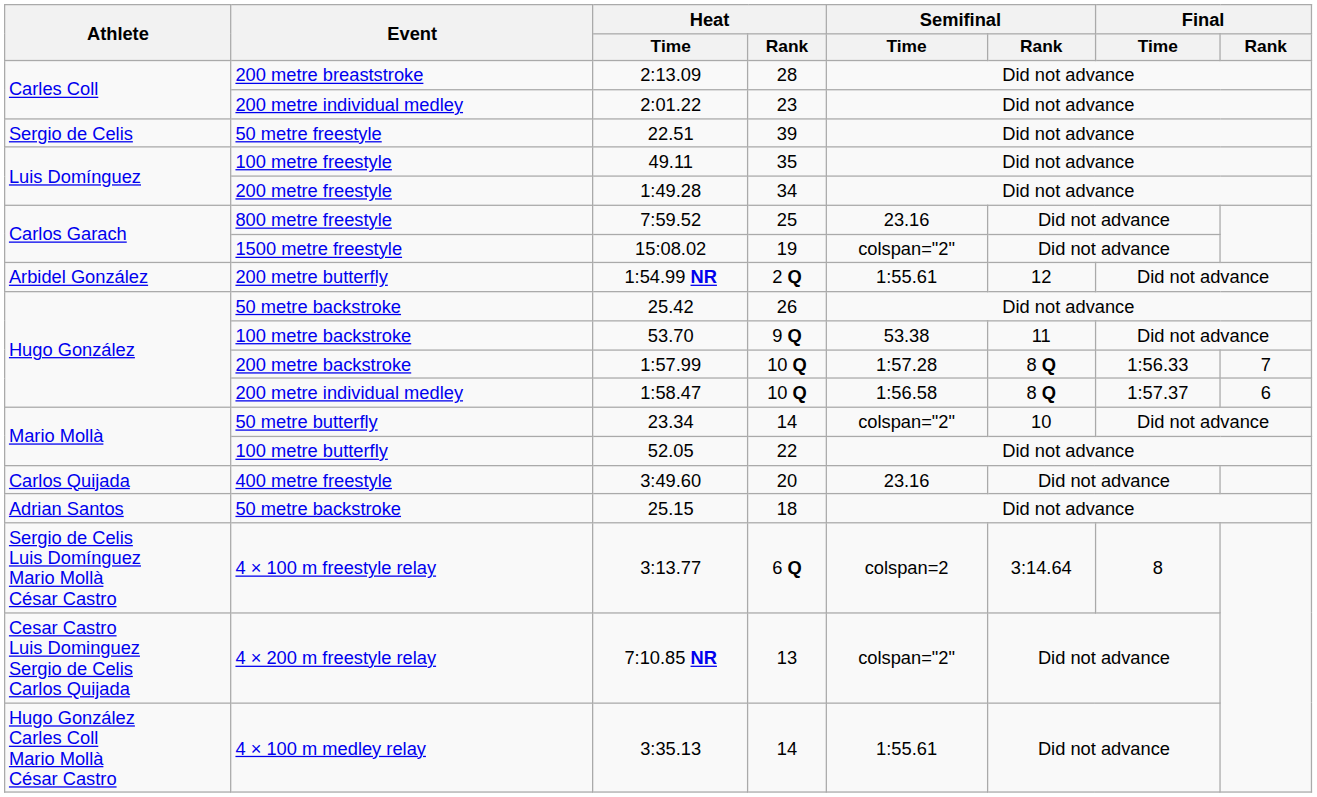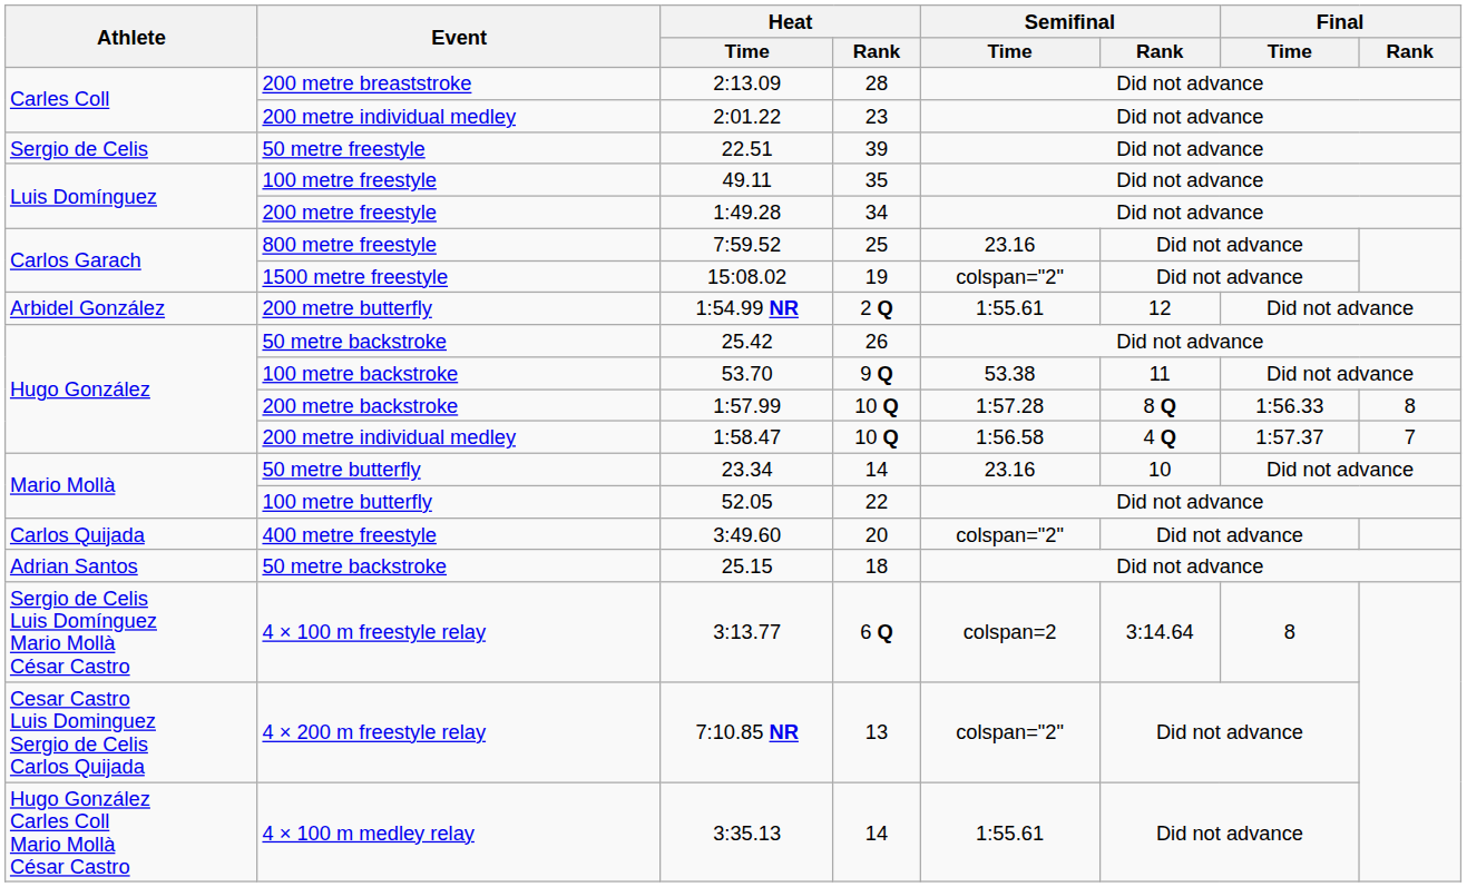 <table class="wikitable" style="text-align:center; font-size:90%; width:65%;">
 <tr>
 <th rowspan="2">Athlete</th>
 <th rowspan="2">Event</th>
 <th colspan="2">Heat</th>
 <th colspan="2">Semifinal</th>
 <th colspan="2">Final</th>
 </tr>
 <tr style="font-size:95%">
 <th>Time</th>
 <th>Rank</th>
 <th>Time</th>
 <th>Rank</th>
 <th>Time</th>
 <th>Rank</th>
 </tr>
 <tr>
 <td align=left rowspan=2><a href='#'>Carles Coll</a></td>
 <td align=left><a href='#'>200 metre breaststroke</a></td>
 <td>2:13.09</td>
 <td>28</td>
 <td colspan=4>Did not advance</td>
 </tr>
 <tr>
 <td align=left><a href='#'>200 metre individual medley</a></td>
 <td>2:01.22</td>
 <td>23</td>
 <td colspan=4>Did not advance</td>
 </tr>
 <tr>
 <td align=left><a href='#'>Sergio de Celis</a></td>
 <td align=left><a href='#'>50 metre freestyle</a></td>
 <td>22.51</td>
 <td>39</td>
 <td colspan=4>Did not advance</td>
 </tr>
 <tr>
 <td align=left rowspan=2><a href='#'>Luis Domínguez</a></td>
 <td align=left><a href='#'>100 metre freestyle</a></td>
 <td>49.11</td>
 <td>35</td>
 <td colspan=4>Did not advance</td>
 </tr>
 <tr>
 <td align=left><a href='#'>200 metre freestyle</a></td>
 <td>1:49.28</td>
 <td>34</td>
 <td colspan=4>Did not advance</td>
 </tr>
 <tr>
 <td align=left rowspan=2><a href='#'>Carlos Garach</a></td>
 <td align=left><a href='#'>800 metre freestyle</a></td>
 <td>7:59.52</td>
 <td>25</td>
 <td>23.16</td>
 <td colspan="2">Did not advance</td>
 </tr>
 <tr>
 <td align=left><a href='#'>1500 metre freestyle</a></td>
 <td>15:08.02</td>
 <td>19</td>
 <td>colspan="2" </td>
 <td colspan="2">Did not advance</td>
 </tr>
 <tr>
 <td align=left><a href='#'>Arbidel González</a></td>
 <td align=left><a href='#'>200 metre butterfly</a></td>
 <td>1:54.99 <strong><a href='#'>NR</a></strong></td>
 <td>2 <strong>Q</strong></td>
 <td>1:55.61</td>
 <td>12</td>
 <td colspan="2">Did not advance</td>
 </tr>
 <tr>
 <td align=left rowspan=4><a href='#'>Hugo González</a></td>
 <td align=left><a href='#'>50 metre backstroke</a></td>
 <td>25.42</td>
 <td>26</td>
 <td colspan=4>Did not advance</td>
 </tr>
 <tr>
 <td align=left><a href='#'>100 metre backstroke</a></td>
 <td>53.70</td>
 <td>9 <strong>Q</strong></td>
 <td>53.38</td>
 <td>11</td>
 <td colspan=2>Did not advance</td>
 </tr>
 <tr>
 <td align=left><a href='#'>200 metre backstroke</a></td>
 <td>1:57.99</td>
 <td>10 <strong>Q</strong></td>
 <td>1:57.28</td>
 <td>8 <strong>Q</strong></td>
 <td>1:56.33</td>
-<td>7</td>
+<td>8</td>
 </tr>
 <tr>
 <td align=left><a href='#'>200 metre individual medley</a></td>
 <td>1:58.47</td>
 <td>10 <strong>Q</strong></td>
 <td>1:56.58</td>
-<td>8 <strong>Q</strong></td>
+<td>4 <strong>Q</strong></td>
 <td>1:57.37</td>
-<td>6</td>
+<td>7</td>
 </tr>
 <tr align=center>
 <td align=left rowspan=2><a href='#'>Mario Mollà</a></td>
 <td align=left><a href='#'>50 metre butterfly</a></td>
 <td>23.34</td>
 <td>14</td>
-<td>colspan="2" </td>
+<td>23.16</td>
 <td>10</td>
 <td colspan="2">Did not advance</td>
 </tr>
 <tr align=center>
 <td align=left><a href='#'>100 metre butterfly</a></td>
 <td>52.05</td>
 <td>22</td>
 <td colspan=4>Did not advance</td>
 </tr>
 <tr align=center>
 <td align=left><a href='#'>Carlos Quijada</a></td>
 <td align=left><a href='#'>400 metre freestyle</a></td>
 <td>3:49.60</td>
 <td>20</td>
-<td>23.16</td>
+<td>colspan="2" </td>
 <td colspan="2">Did not advance</td>
 </tr>
 <tr>
 <td align=left><a href='#'>Adrian Santos</a></td>
 <td align=left><a href='#'>50 metre backstroke</a></td>
 <td>25.15</td>
 <td>18</td>
 <td colspan=4>Did not advance</td>
 </tr>
 <tr align=center>
 <td align=left><a href='#'>Sergio de Celis</a> <br><a href='#'>Luis Domínguez</a> <br><a href='#'>Mario Mollà</a> <br><a href='#'>César Castro</a></td>
 <td align=left><a href='#'>4 × 100 m freestyle relay</a></td>
 <td>3:13.77</td>
 <td>6 <strong>Q</strong></td>
 <td>colspan=2 </td>
 <td>3:14.64</td>
 <td>8</td>
 </tr>
 <tr>
 <td align=left><a href='#'>Cesar Castro</a>  <br><a href='#'>Luis Dominguez</a>  <br><a href='#'>Sergio de Celis</a>  <br><a href='#'>Carlos Quijada</a></td>
 <td align=left><a href='#'>4 × 200 m freestyle relay</a></td>
 <td>7:10.85  <strong><a href='#'>NR</a></strong></td>
 <td>13</td>
 <td>colspan="2" </td>
 <td colspan="2">Did not advance</td>
 </tr>
 <tr>
 <td align=left><a href='#'>Hugo González</a> <br><a href='#'>Carles Coll</a> <br><a href='#'>Mario Mollà</a> <br><a href='#'>César Castro</a></td>
 <td align=left><a href='#'>4 × 100 m medley relay</a></td>
 <td>3:35.13</td>
 <td>14</td>
 <td>1:55.61</td>
 <td colspan=2>Did not advance</td>
 </tr>
 </table>
